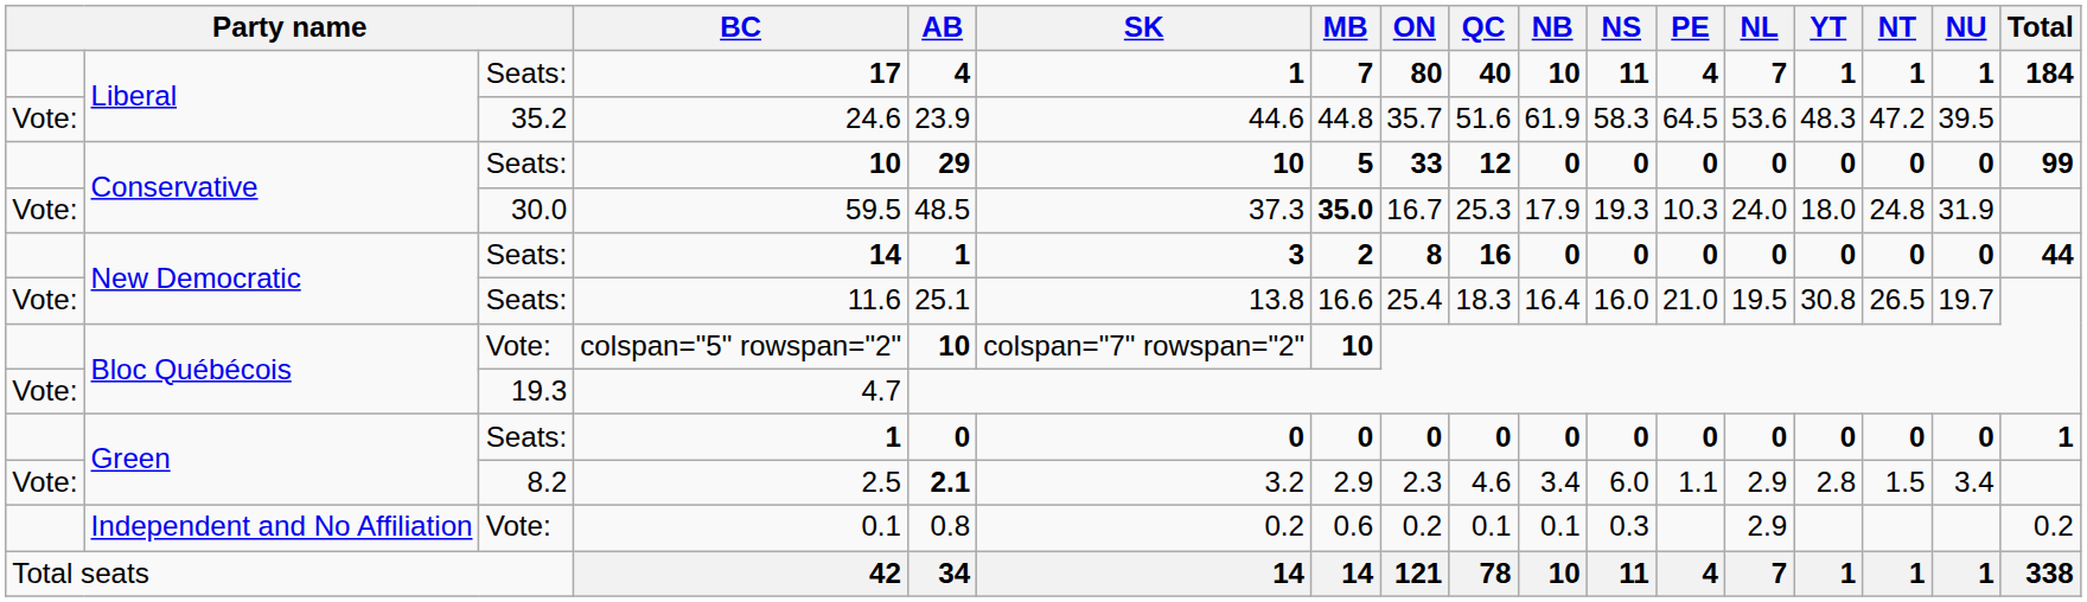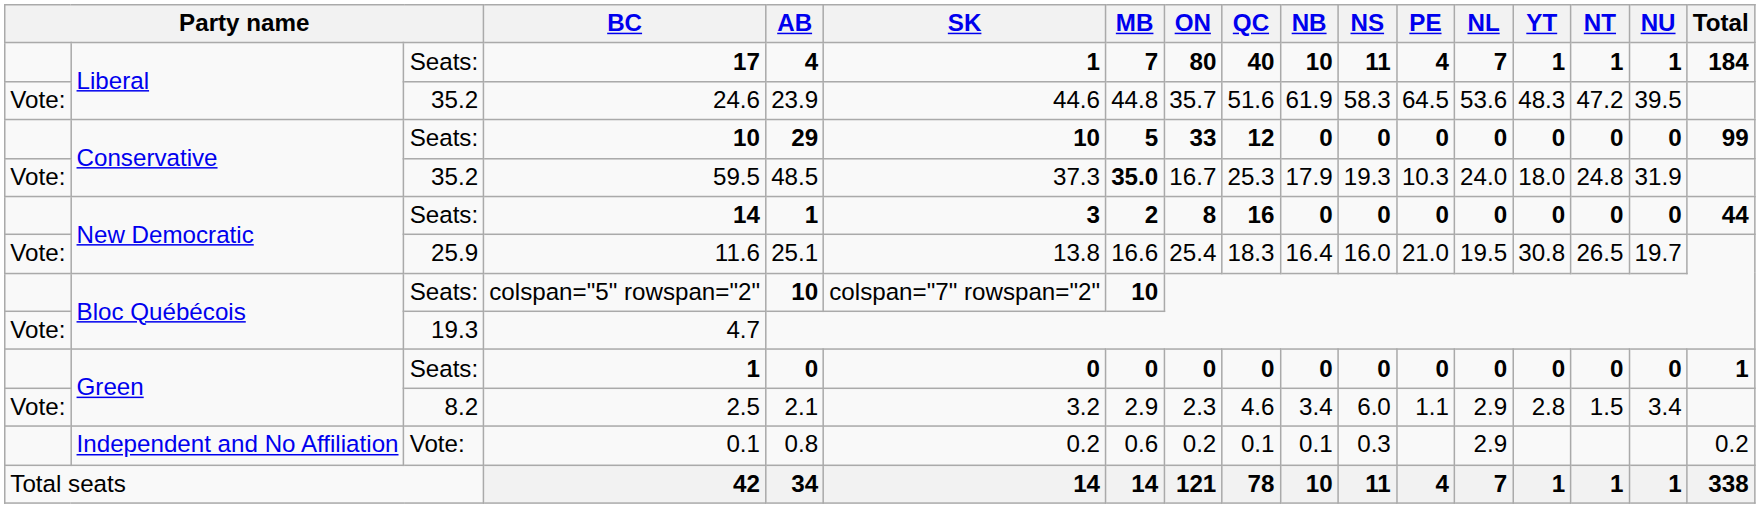 <table class="wikitable">
 <tr>
 <th style="text-align:center;" colspan="3">Party name</th>
 <th style="text-align:center;"><a href='#'>BC</a></th>
 <th style="text-align:center;"><a href='#'>AB</a></th>
 <th style="text-align:center;"><a href='#'>SK</a></th>
 <th style="text-align:center;"><a href='#'>MB</a></th>
 <th style="text-align:center;"><a href='#'>ON</a></th>
 <th style="text-align:center;"><a href='#'>QC</a></th>
 <th style="text-align:center;"><a href='#'>NB</a></th>
 <th style="text-align:center;"><a href='#'>NS</a></th>
 <th style="text-align:center;"><a href='#'>PE</a></th>
 <th style="text-align:center;"><a href='#'>NL</a></th>
 <th style="text-align:center;"><a href='#'>YT</a></th>
 <th style="text-align:center;"><a href='#'>NT</a></th>
 <th style="text-align:center;"><a href='#'>NU</a></th>
 <th style="text-align:center;">Total</th>
 </tr>
 <tr>
 <td>    </td>
 <td rowspan="2"><a href='#'>Liberal</a></td>
 <td>Seats:</td>
 <td style="text-align:right;"><strong>17</strong> </td>
 <td style="text-align:right;"><strong>4</strong> </td>
 <td style="text-align:right;"><strong>1</strong> </td>
 <td style="text-align:right;"><strong>7</strong> </td>
 <td style="text-align:right;"><strong>80</strong> </td>
 <td style="text-align:right;"><strong>40</strong> </td>
 <td style="text-align:right;"><strong>10</strong> </td>
 <td style="text-align:right;"><strong>11</strong> </td>
 <td style="text-align:right;"><strong>4</strong> </td>
 <td style="text-align:right;"><strong>7</strong> </td>
 <td style="text-align:right;"><strong>1</strong> </td>
 <td style="text-align:right;"><strong>1</strong> </td>
 <td style="text-align:right;"><strong>1</strong> </td>
 <td style="text-align:right;"><strong>184</strong></td>
 </tr>
 <tr>
 <td>Vote:</td>
 <td style="text-align:right;">35.2 </td>
 <td style="text-align:right;">24.6 </td>
 <td style="text-align:right;">23.9 </td>
 <td style="text-align:right;">44.6 </td>
 <td style="text-align:right;">44.8 </td>
 <td style="text-align:right;">35.7 </td>
 <td style="text-align:right;">51.6 </td>
 <td style="text-align:right;">61.9 </td>
 <td style="text-align:right;">58.3 </td>
 <td style="text-align:right;">64.5 </td>
 <td style="text-align:right;">53.6 </td>
 <td style="text-align:right;">48.3 </td>
 <td style="text-align:right;">47.2 </td>
 <td style="text-align:right;">39.5 </td>
 </tr>
 <tr>
 <td>    </td>
 <td rowspan="2"><a href='#'>Conservative</a></td>
 <td>Seats:</td>
 <td style="text-align:right;"><strong>10</strong> </td>
 <td style="text-align:right;"><strong>29</strong> </td>
 <td style="text-align:right;"><strong>10</strong> </td>
 <td style="text-align:right;"><strong>5</strong> </td>
 <td style="text-align:right;"><strong>33</strong> </td>
 <td style="text-align:right;"><strong>12</strong> </td>
 <td style="text-align:right;"><strong>0</strong> </td>
 <td style="text-align:right;"><strong>0</strong> </td>
 <td style="text-align:right;"><strong>0</strong> </td>
 <td style="text-align:right;"><strong>0</strong> </td>
 <td style="text-align:right;"><strong>0</strong> </td>
 <td style="text-align:right;"><strong>0</strong> </td>
 <td style="text-align:right;"><strong>0</strong> </td>
 <td style="text-align:right;"><strong>99</strong></td>
 </tr>
 <tr>
 <td>Vote:</td>
-<td style="text-align:right;">30.0 </td>
+<td style="text-align:right;">35.2 </td>
 <td style="text-align:right;">59.5 </td>
 <td style="text-align:right;">48.5 </td>
 <td style="text-align:right;">37.3 </td>
 <td style="text-align:right;"><strong>35.0 </strong></td>
 <td style="text-align:right;">16.7 </td>
 <td style="text-align:right;">25.3 </td>
 <td style="text-align:right;">17.9 </td>
 <td style="text-align:right;">19.3 </td>
 <td style="text-align:right;">10.3 </td>
 <td style="text-align:right;">24.0 </td>
 <td style="text-align:right;">18.0 </td>
 <td style="text-align:right;">24.8 </td>
 <td style="text-align:right;">31.9 </td>
 </tr>
 <tr>
 <td>    </td>
 <td rowspan="2"><a href='#'>New Democratic</a></td>
 <td>Seats:</td>
 <td style="text-align:right;"><strong>14</strong> </td>
 <td style="text-align:right;"><strong>1</strong> </td>
 <td style="text-align:right;"><strong>3</strong> </td>
 <td style="text-align:right;"><strong>2</strong> </td>
 <td style="text-align:right;"><strong>8</strong> </td>
 <td style="text-align:right;"><strong>16</strong> </td>
 <td style="text-align:right;"><strong>0</strong> </td>
 <td style="text-align:right;"><strong>0</strong> </td>
 <td style="text-align:right;"><strong>0</strong> </td>
 <td style="text-align:right;"><strong>0</strong> </td>
 <td style="text-align:right;"><strong>0</strong> </td>
 <td style="text-align:right;"><strong>0</strong> </td>
 <td style="text-align:right;"><strong>0</strong> </td>
 <td style="text-align:right;"><strong>44</strong></td>
 </tr>
 <tr>
 <td>Vote:</td>
-<td>Seats:</td>
+<td style="text-align:right;">25.9 </td>
 <td style="text-align:right;">11.6 </td>
 <td style="text-align:right;">25.1 </td>
 <td style="text-align:right;">13.8 </td>
 <td style="text-align:right;">16.6 </td>
 <td style="text-align:right;">25.4 </td>
 <td style="text-align:right;">18.3 </td>
 <td style="text-align:right;">16.4 </td>
 <td style="text-align:right;">16.0 </td>
 <td style="text-align:right;">21.0 </td>
 <td style="text-align:right;">19.5 </td>
 <td style="text-align:right;">30.8 </td>
 <td style="text-align:right;">26.5 </td>
 <td style="text-align:right;">19.7 </td>
 </tr>
 <tr>
 <td>    </td>
 <td rowspan="2"><a href='#'>Bloc Québécois</a></td>
-<td>Vote:</td>
+<td>Seats:</td>
 <td>colspan="5" rowspan="2" </td>
 <td style="text-align:right;"><strong>10</strong> </td>
 <td>colspan="7" rowspan="2" </td>
 <td style="text-align:right;"><strong>10</strong></td>
 </tr>
 <tr>
 <td>Vote:</td>
 <td style="text-align:right;">19.3 </td>
 <td style="text-align:right;">4.7 </td>
 </tr>
 <tr>
 <td>    </td>
 <td rowspan="2"><a href='#'>Green</a></td>
 <td>Seats:</td>
 <td style="text-align:right;"><strong>1</strong> </td>
 <td style="text-align:right;"><strong>0</strong> </td>
 <td style="text-align:right;"><strong>0</strong> </td>
 <td style="text-align:right;"><strong>0</strong> </td>
 <td style="text-align:right;"><strong>0</strong> </td>
 <td style="text-align:right;"><strong>0</strong> </td>
 <td style="text-align:right;"><strong>0</strong> </td>
 <td style="text-align:right;"><strong>0</strong> </td>
 <td style="text-align:right;"><strong>0</strong> </td>
 <td style="text-align:right;"><strong>0</strong> </td>
 <td style="text-align:right;"><strong>0</strong> </td>
 <td style="text-align:right;"><strong>0</strong> </td>
 <td style="text-align:right;"><strong>0</strong> </td>
 <td style="text-align:right;"><strong>1</strong></td>
 </tr>
 <tr>
 <td>Vote:</td>
 <td style="text-align:right;">8.2 </td>
 <td style="text-align:right;">2.5 </td>
-<td style="text-align:right;"><strong>2.1 </strong></td>
+<td style="text-align:right;">2.1 </td>
 <td style="text-align:right;">3.2 </td>
 <td style="text-align:right;">2.9 </td>
 <td style="text-align:right;">2.3 </td>
 <td style="text-align:right;">4.6 </td>
 <td style="text-align:right;">3.4 </td>
 <td style="text-align:right;">6.0 </td>
 <td style="text-align:right;">1.1 </td>
 <td style="text-align:right;">2.9 </td>
 <td style="text-align:right;">2.8 </td>
 <td style="text-align:right;">1.5 </td>
 <td style="text-align:right;">3.4 </td>
 </tr>
 <tr>
 <td>    </td>
 <td><a href='#'>Independent and No Affiliation</a></td>
 <td>Vote:</td>
 <td style="text-align:right;">0.1 </td>
 <td style="text-align:right;">0.8 </td>
 <td style="text-align:right;">0.2 </td>
 <td style="text-align:right;">0.6 </td>
 <td style="text-align:right;">0.2 </td>
 <td style="text-align:right;">0.1 </td>
 <td style="text-align:right;">0.1 </td>
 <td style="text-align:right;">0.3 </td>
 <td style="text-align:right;"></td>
 <td style="text-align:right;">2.9 </td>
 <td style="text-align:right;"></td>
 <td style="text-align:right;"></td>
 <td style="text-align:right;"></td>
 <td style="text-align:right;">0.2</td>
 </tr>
 <tr>
 <td colspan="3">Total seats</td>
 <th style="text-align:right;">42 </th>
 <th style="text-align:right;">34 </th>
 <th style="text-align:right;">14 </th>
 <th style="text-align:right;">14 </th>
 <th style="text-align:right;">121</th>
 <th style="text-align:right;">78 </th>
 <th style="text-align:right;">10 </th>
 <th style="text-align:right;">11 </th>
 <th style="text-align:right;">4 </th>
 <th style="text-align:right;">7 </th>
 <th style="text-align:right;">1 </th>
 <th style="text-align:right;">1 </th>
 <th style="text-align:right;">1 </th>
 <th style="text-align:right;">338 </th>
 </tr>
 </table>
